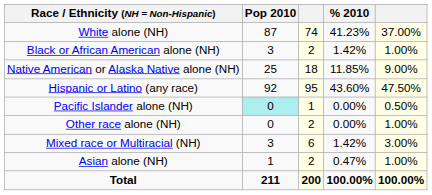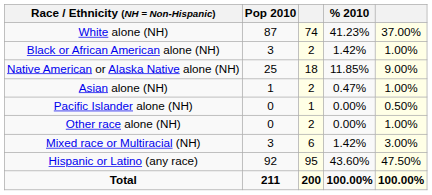 <table class="wikitable" style="text-align:center;">
 <tr>
 <th>Race / Ethnicity <small>(<em>NH = Non-Hispanic</em>)</small></th>
 <th>Pop 2010</th>
 <th></th>
 <th>% 2010</th>
 <th></th>
 </tr>
 <tr>
 <td><a href='#'>White</a> alone (NH)</td>
 <td>87</td>
 <td style='background: #ffffe6;'>74</td>
 <td>41.23%</td>
 <td style='background: #ffffe6;'>37.00%</td>
 </tr>
 <tr>
 <td><a href='#'>Black or African American</a> alone (NH)</td>
 <td>3</td>
 <td style='background: #ffffe6;'>2</td>
 <td>1.42%</td>
 <td style='background: #ffffe6;'>1.00%</td>
 </tr>
 <tr>
 <td><a href='#'>Native American</a> or <a href='#'>Alaska Native</a> alone (NH)</td>
 <td>25</td>
 <td style='background: #ffffe6;'>18</td>
 <td>11.85%</td>
 <td style='background: #ffffe6;'>9.00%</td>
 </tr>
 <tr>
-<td><a href='#'>Hispanic or Latino</a> (any race)</td>
-<td>92</td>
-<td style='background: #ffffe6;'>95</td>
-<td>43.60%</td>
-<td style='background: #ffffe6;'>47.50%</td>
+<td><a href='#'>Asian</a> alone (NH)</td>
+<td>1</td>
+<td style='background: #ffffe6;'>2</td>
+<td>0.47%</td>
+<td style='background: #ffffe6;'>1.00%</td>
 </tr>
 <tr>
 <td><a href='#'>Pacific Islander</a> alone (NH)</td>
-<td style="background: paleturquoise;">0</td>
+<td>0</td>
 <td style='background: #ffffe6;'>1</td>
 <td>0.00%</td>
 <td style='background: #ffffe6;'>0.50%</td>
 </tr>
 <tr>
 <td><a href='#'>Other race</a> alone (NH)</td>
 <td>0</td>
 <td style='background: #ffffe6;'>2</td>
 <td>0.00%</td>
 <td style='background: #ffffe6;'>1.00%</td>
 </tr>
 <tr>
 <td><a href='#'>Mixed race or Multiracial</a> (NH)</td>
 <td>3</td>
 <td style='background: #ffffe6;'>6</td>
 <td>1.42%</td>
 <td style='background: #ffffe6;'>3.00%</td>
 </tr>
 <tr>
-<td><a href='#'>Asian</a> alone (NH)</td>
-<td>1</td>
-<td style='background: #ffffe6;'>2</td>
-<td>0.47%</td>
-<td style='background: #ffffe6;'>1.00%</td>
+<td><a href='#'>Hispanic or Latino</a> (any race)</td>
+<td>92</td>
+<td style='background: #ffffe6;'>95</td>
+<td>43.60%</td>
+<td style='background: #ffffe6;'>47.50%</td>
 </tr>
 <tr>
 <td><strong>Total</strong></td>
 <td><strong>211</strong></td>
 <td style='background: #ffffe6;'><strong>200</strong></td>
 <td><strong>100.00%</strong></td>
 <td style='background: #ffffe6;'><strong>100.00%</strong></td>
 </tr>
 </table>
